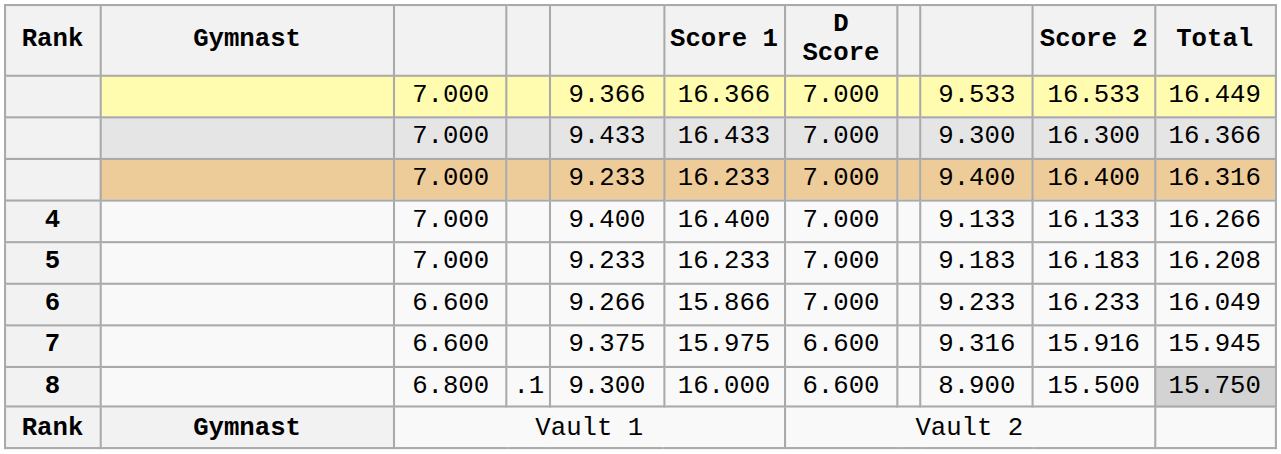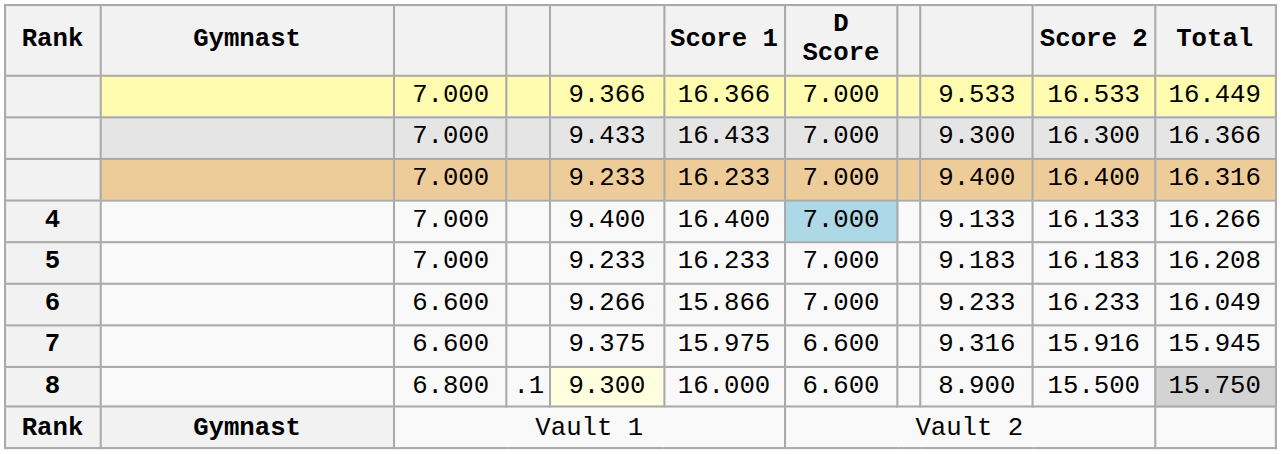 <table class="wikitable" style="text-align:center; font-size:95%">
 <tr>
 <th scope="col" style="width:50px;">Rank</th>
 <th scope="col" style="width:220px;">Gymnast</th>
 <th scope="col" style="width:60px;"></th>
 <th scope="col" style="width:10px;"></th>
 <th scope="col" style="width:60px;"></th>
 <th scope="col" style="width:60px;">Score 1</th>
 <th scope="col" style="width:60px;">D Score</th>
 <th scope="col" style="width:10px;"></th>
 <th scope="col" style="width:60px;"></th>
 <th scope="col" style="width:60px;">Score 2</th>
 <th scope="col" style="width:60px;">Total</th>
 </tr>
 <tr style="background:#fffcaf;">
 <th scope=row style="text-align:center"></th>
 <td style="text-align:left;"></td>
 <td>7.000</td>
 <td></td>
 <td>9.366</td>
 <td>16.366</td>
 <td>7.000</td>
 <td></td>
 <td>9.533</td>
 <td>16.533</td>
 <td>16.449</td>
 </tr>
 <tr style="background:#e5e5e5;">
 <th scope=row style="text-align:center"></th>
 <td style="text-align:left;"></td>
 <td>7.000</td>
 <td></td>
 <td>9.433</td>
 <td>16.433</td>
 <td>7.000</td>
 <td></td>
 <td>9.300</td>
 <td>16.300</td>
 <td>16.366</td>
 </tr>
 <tr style="background:#ec9;">
 <th scope=row style="text-align:center"></th>
 <td style="text-align:left;"></td>
 <td>7.000</td>
 <td></td>
 <td>9.233</td>
 <td>16.233</td>
 <td>7.000</td>
 <td></td>
 <td>9.400</td>
 <td>16.400</td>
 <td>16.316</td>
 </tr>
 <tr>
 <th scope=row style="text-align:center">4</th>
 <td style="text-align:left;"></td>
 <td>7.000</td>
 <td></td>
 <td>9.400</td>
 <td>16.400</td>
-<td>7.000</td>
+<td style="background: lightblue;">7.000</td>
 <td></td>
 <td>9.133</td>
 <td>16.133</td>
 <td>16.266</td>
 </tr>
 <tr>
 <th scope=row style="text-align:center">5</th>
 <td style="text-align:left;"></td>
 <td>7.000</td>
 <td></td>
 <td>9.233</td>
 <td>16.233</td>
 <td>7.000</td>
 <td></td>
 <td>9.183</td>
 <td>16.183</td>
 <td>16.208</td>
 </tr>
 <tr>
 <th scope=row style="text-align:center">6</th>
 <td style="text-align:left;"></td>
 <td>6.600</td>
 <td></td>
 <td>9.266</td>
 <td>15.866</td>
 <td>7.000</td>
 <td></td>
 <td>9.233</td>
 <td>16.233</td>
 <td>16.049</td>
 </tr>
 <tr>
 <th scope=row style="text-align:center">7</th>
 <td style="text-align:left;"></td>
 <td>6.600</td>
 <td></td>
 <td>9.375</td>
 <td>15.975</td>
 <td>6.600</td>
 <td></td>
 <td>9.316</td>
 <td>15.916</td>
 <td>15.945</td>
 </tr>
 <tr>
 <th scope=row style="text-align:center">8</th>
 <td style="text-align:left;"></td>
 <td>6.800</td>
 <td>.1</td>
-<td>9.300</td>
+<td style="background: lightyellow;">9.300</td>
 <td>16.000</td>
 <td>6.600</td>
 <td></td>
 <td>8.900</td>
 <td>15.500</td>
 <td style="background: lightgrey;">15.750</td>
 </tr>
 <tr class="sortbottom">
 <th scope=col>Rank</th>
 <th scope="col" style="width:210px;">Gymnast</th>
 <td colspan="4">Vault 1</td>
 <td colspan="4">Vault 2</td>
 <td></td>
 </tr>
 </table>
